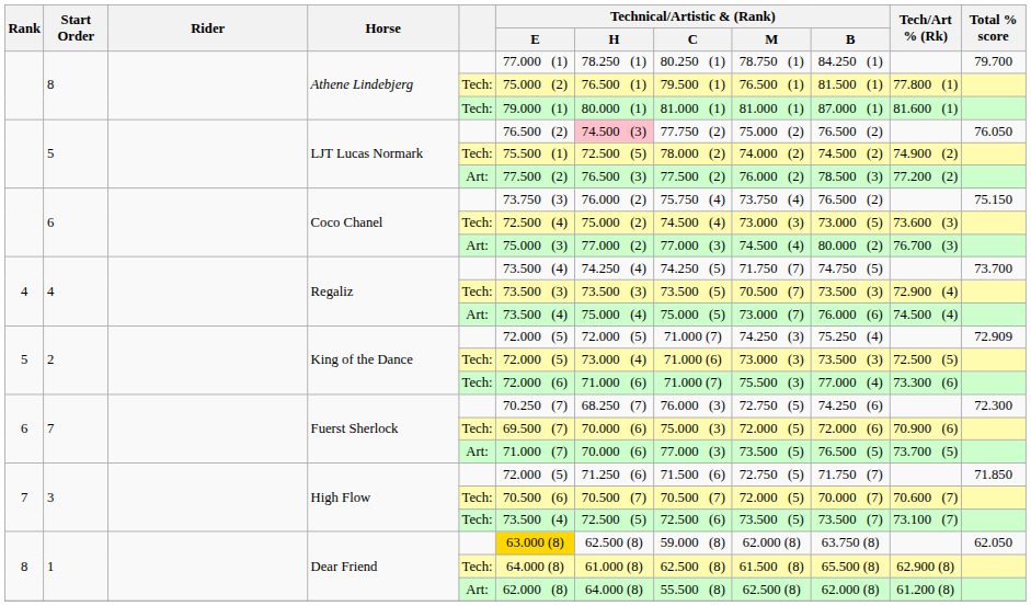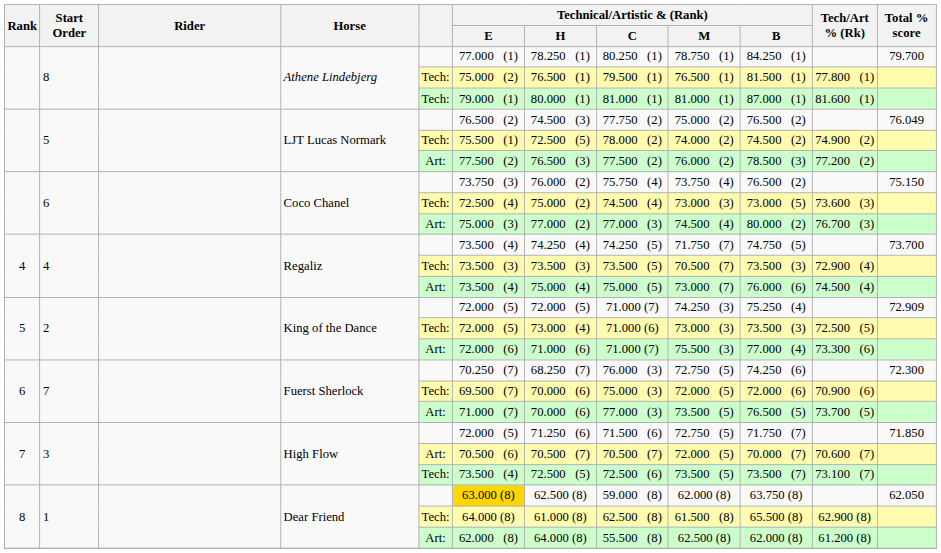 <table class="wikitable" style="text-align:center; font-size:90%">
 <tr>
 <th rowspan=2>Rank</th>
 <th rowspan=2 width=60>Start Order</th>
 <th rowspan=2 width=200>Rider</th>
 <th rowspan=2 width=150>Horse</th>
 <th rowspan=2></th>
 <th colspan=5>Technical/Artistic & (Rank)</th>
 <th rowspan=2>Tech/Art<br>% (Rk)</th>
 <th rowspan=2 width=60>Total % score</th>
 </tr>
 <tr>
 <th width=75>E</th>
 <th width=75>H</th>
 <th width=75>C</th>
 <th width=75>M</th>
 <th width=75>B</th>
 </tr>
 <tr>
 <td rowspan=3></td>
 <td align=left rowspan=3>8</td>
 <td align=left rowspan=3></td>
 <td align=left rowspan=3><em>Athene Lindebjerg</em></td>
 <td></td>
 <td>77.000   (1)</td>
 <td>78.250   (1)</td>
 <td>80.250   (1)</td>
 <td>78.750   (1)</td>
 <td>84.250   (1)</td>
 <td></td>
 <td>79.700</td>
 </tr>
 <tr bgcolor="fffcaf">
 <td>Tech:</td>
 <td>75.000   (2)</td>
 <td>76.500   (1)</td>
 <td>79.500   (1)</td>
 <td>76.500   (1)</td>
 <td>81.500   (1)</td>
 <td>77.800   (1)</td>
 <td></td>
 </tr>
 <tr bgcolor="ccffcc">
 <td>Tech:</td>
 <td>79.000   (1)</td>
 <td>80.000   (1)</td>
 <td>81.000   (1)</td>
 <td>81.000   (1)</td>
 <td>87.000   (1)</td>
 <td>81.600   (1)</td>
 <td></td>
 </tr>
 <tr>
 <td rowspan=3></td>
 <td align=left rowspan=3>5</td>
 <td rowspan="3" align="left"></td>
 <td align=left rowspan=3>LJT Lucas Normark</td>
 <td></td>
 <td>76.500   (2)</td>
-<td style="background: pink;">74.500   (3)</td>
+<td>74.500   (3)</td>
 <td>77.750   (2)</td>
 <td>75.000   (2)</td>
 <td>76.500   (2)</td>
 <td></td>
-<td>76.050</td>
+<td>76.049</td>
 </tr>
 <tr bgcolor="fffcaf">
 <td>Tech:</td>
 <td>75.500   (1)</td>
 <td>72.500   (5)</td>
 <td>78.000   (2)</td>
 <td>74.000   (2)</td>
 <td>74.500   (2)</td>
 <td>74.900   (2)</td>
 <td></td>
 </tr>
 <tr bgcolor="ccffcc">
 <td>Art:</td>
 <td>77.500   (2)</td>
 <td>76.500   (3)</td>
 <td>77.500   (2)</td>
 <td>76.000   (2)</td>
 <td>78.500   (3)</td>
 <td>77.200   (2)</td>
 <td></td>
 </tr>
 <tr>
 <td rowspan=3></td>
 <td align=left rowspan=3>6</td>
 <td rowspan="3" align="left"></td>
 <td rowspan="3" align="left">Coco Chanel</td>
 <td></td>
 <td>73.750   (3)</td>
 <td>76.000   (2)</td>
 <td>75.750   (4)</td>
 <td>73.750   (4)</td>
 <td>76.500   (2)</td>
 <td></td>
 <td>75.150</td>
 </tr>
 <tr bgcolor="fffcaf">
 <td>Tech:</td>
 <td>72.500   (4)</td>
 <td>75.000   (2)</td>
 <td>74.500   (4)</td>
 <td>73.000   (3)</td>
 <td>73.000   (5)</td>
 <td>73.600   (3)</td>
 <td></td>
 </tr>
 <tr bgcolor="ccffcc">
 <td>Art:</td>
 <td>75.000   (3)</td>
 <td>77.000   (2)</td>
 <td>77.000   (3)</td>
 <td>74.500   (4)</td>
 <td>80.000   (2)</td>
 <td>76.700   (3)</td>
 <td></td>
 </tr>
 <tr>
 <td rowspan=3>4</td>
 <td align=left rowspan=3>4</td>
 <td align=left rowspan=3></td>
 <td align=left rowspan=3>Regaliz</td>
 <td></td>
 <td>73.500   (4)</td>
 <td>74.250   (4)</td>
 <td>74.250   (5)</td>
 <td>71.750   (7)</td>
 <td>74.750   (5)</td>
 <td></td>
 <td>73.700</td>
 </tr>
 <tr bgcolor="fffcaf">
 <td>Tech:</td>
 <td>73.500   (3)</td>
 <td>73.500   (3)</td>
 <td>73.500   (5)</td>
 <td>70.500   (7)</td>
 <td>73.500   (3)</td>
 <td>72.900   (4)</td>
 <td></td>
 </tr>
 <tr bgcolor="ccffcc">
 <td>Art:</td>
 <td>73.500   (4)</td>
 <td>75.000   (4)</td>
 <td>75.000   (5)</td>
 <td>73.000   (7)</td>
 <td>76.000   (6)</td>
 <td>74.500   (4)</td>
 <td></td>
 </tr>
 <tr>
 <td rowspan=3>5</td>
 <td rowspan="3" align="left">2</td>
 <td rowspan="3" align="left"></td>
 <td align=left rowspan=3>King of the Dance</td>
 <td></td>
 <td>72.000   (5)</td>
 <td>72.000   (5)</td>
 <td>71.000 (7)</td>
 <td>74.250   (3)</td>
 <td>75.250   (4)</td>
 <td></td>
 <td>72.909</td>
 </tr>
 <tr bgcolor="fffcaf">
 <td>Tech:</td>
 <td>72.000   (5)</td>
 <td>73.000   (4)</td>
 <td>71.000 (6)</td>
 <td>73.000   (3)</td>
 <td>73.500   (3)</td>
 <td>72.500   (5)</td>
 <td></td>
 </tr>
 <tr bgcolor="ccffcc">
-<td>Tech:</td>
+<td>Art:</td>
 <td>72.000   (6)</td>
 <td>71.000   (6)</td>
 <td>71.000 (7)</td>
 <td>75.500   (3)</td>
 <td>77.000   (4)</td>
 <td>73.300   (6)</td>
 <td></td>
 </tr>
 <tr>
 <td rowspan=3>6</td>
 <td rowspan="3" align="left">7</td>
 <td rowspan="3" align="left"></td>
 <td align=left rowspan=3>Fuerst Sherlock</td>
 <td></td>
 <td>70.250   (7)</td>
 <td>68.250   (7)</td>
 <td>76.000   (3)</td>
 <td>72.750   (5)</td>
 <td>74.250   (6)</td>
 <td></td>
 <td>72.300</td>
 </tr>
 <tr bgcolor="fffcaf">
 <td>Tech:</td>
 <td>69.500   (7)</td>
 <td>70.000   (6)</td>
 <td>75.000   (3)</td>
 <td>72.000   (5)</td>
 <td>72.000   (6)</td>
 <td>70.900   (6)</td>
 <td></td>
 </tr>
 <tr bgcolor="ccffcc">
 <td>Art:</td>
 <td>71.000   (7)</td>
 <td>70.000   (6)</td>
 <td>77.000   (3)</td>
 <td>73.500   (5)</td>
 <td>76.500   (5)</td>
 <td>73.700   (5)</td>
 <td></td>
 </tr>
 <tr>
 <td rowspan=3>7</td>
 <td rowspan="3" align="left">3</td>
 <td rowspan="3" align="left"></td>
 <td align=left rowspan=3>High Flow</td>
 <td></td>
 <td>72.000   (5)</td>
 <td>71.250   (6)</td>
 <td>71.500   (6)</td>
 <td>72.750   (5)</td>
 <td>71.750   (7)</td>
 <td></td>
 <td>71.850</td>
 </tr>
 <tr bgcolor="fffcaf">
-<td>Tech:</td>
+<td>Art:</td>
 <td>70.500   (6)</td>
 <td>70.500   (7)</td>
 <td>70.500   (7)</td>
 <td>72.000   (5)</td>
 <td>70.000   (7)</td>
 <td>70.600   (7)</td>
 <td></td>
 </tr>
 <tr bgcolor="ccffcc">
 <td>Tech:</td>
 <td>73.500   (4)</td>
 <td>72.500   (5)</td>
 <td>72.500   (6)</td>
 <td>73.500   (5)</td>
 <td>73.500   (7)</td>
 <td>73.100   (7)</td>
 <td></td>
 </tr>
 <tr>
 <td rowspan=3>8</td>
 <td rowspan="3" align="left">1</td>
 <td rowspan="3" align="left"></td>
 <td align=left rowspan=3>Dear Friend</td>
 <td></td>
 <td style="background: gold;">63.000 (8)</td>
 <td>62.500 (8)</td>
 <td>59.000   (8)</td>
 <td>62.000 (8)</td>
 <td>63.750 (8)</td>
 <td></td>
 <td>62.050</td>
 </tr>
 <tr bgcolor="fffcaf">
 <td>Tech:</td>
 <td>64.000 (8)</td>
 <td>61.000 (8)</td>
 <td>62.500   (8)</td>
 <td>61.500   (8)</td>
 <td>65.500 (8)</td>
 <td>62.900 (8)</td>
 <td></td>
 </tr>
 <tr bgcolor="ccffcc">
 <td>Art:</td>
 <td>62.000   (8)</td>
 <td>64.000 (8)</td>
 <td>55.500   (8)</td>
 <td>62.500 (8)</td>
 <td>62.000 (8)</td>
 <td>61.200 (8)</td>
 <td></td>
 </tr>
 <tr>
 </tr>
 </table>
